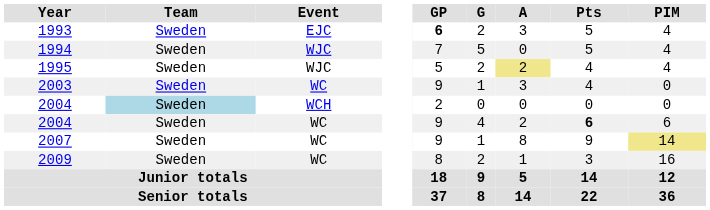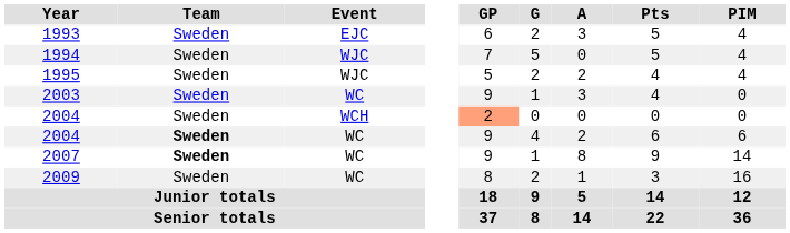 <table border="0" cellpadding="1" cellspacing="0" style="text-align:center; width:50em">
 <tr ALIGN="center" bgcolor="#e0e0e0">
 <th>Year</th>
 <th>Team</th>
 <th>Event</th>
 <th ALIGN="center" rowspan="99" bgcolor="#ffffff"> </th>
 <th>GP</th>
 <th>G</th>
 <th>A</th>
 <th>Pts</th>
 <th>PIM</th>
 </tr>
 <tr>
 <td><a href='#'>1993</a></td>
 <td><a href='#'>Sweden</a></td>
 <td><a href='#'>EJC</a></td>
-<td><strong>6</strong></td>
+<td>6</td>
 <td>2</td>
 <td>3</td>
 <td>5</td>
 <td>4</td>
 </tr>
 <tr bgcolor="#f0f0f0">
 <td><a href='#'>1994</a></td>
 <td>Sweden</td>
 <td><a href='#'>WJC</a></td>
 <td>7</td>
 <td>5</td>
 <td>0</td>
 <td>5</td>
 <td>4</td>
 </tr>
 <tr>
 <td><a href='#'>1995</a></td>
 <td>Sweden</td>
 <td>WJC</td>
 <td>5</td>
 <td>2</td>
-<td style="background: khaki;">2</td>
+<td>2</td>
 <td>4</td>
 <td>4</td>
 </tr>
 <tr bgcolor="#f0f0f0">
 <td><a href='#'>2003</a></td>
 <td><a href='#'>Sweden</a></td>
 <td><a href='#'>WC</a></td>
 <td>9</td>
 <td>1</td>
 <td>3</td>
 <td>4</td>
 <td>0</td>
 </tr>
 <tr>
 <td><a href='#'>2004</a></td>
-<td style="background: lightblue;">Sweden</td>
+<td>Sweden</td>
 <td><a href='#'>WCH</a></td>
-<td>2</td>
+<td style="background: lightsalmon;">2</td>
 <td>0</td>
 <td>0</td>
 <td>0</td>
 <td>0</td>
 </tr>
 <tr bgcolor="#f0f0f0">
 <td><a href='#'>2004</a></td>
-<td>Sweden</td>
+<td><strong>Sweden</strong></td>
 <td>WC</td>
 <td>9</td>
 <td>4</td>
 <td>2</td>
-<td><strong>6</strong></td>
+<td>6</td>
 <td>6</td>
 </tr>
 <tr>
 <td><a href='#'>2007</a></td>
-<td>Sweden</td>
+<td><strong>Sweden</strong></td>
 <td>WC</td>
 <td>9</td>
 <td>1</td>
 <td>8</td>
 <td>9</td>
-<td style="background: khaki;">14</td>
+<td>14</td>
 </tr>
 <tr bgcolor="#f0f0f0">
 <td><a href='#'>2009</a></td>
 <td>Sweden</td>
 <td>WC</td>
 <td>8</td>
 <td>2</td>
 <td>1</td>
 <td>3</td>
 <td>16</td>
 </tr>
 <tr bgcolor="#e0e0e0">
 <th colspan=3>Junior totals</th>
 <th>18</th>
 <th>9</th>
 <th>5</th>
 <th>14</th>
 <th>12</th>
 </tr>
 <tr bgcolor="#e0e0e0">
 <th colspan=3>Senior totals</th>
 <th>37</th>
 <th>8</th>
 <th>14</th>
 <th>22</th>
 <th>36</th>
 </tr>
 </table>
